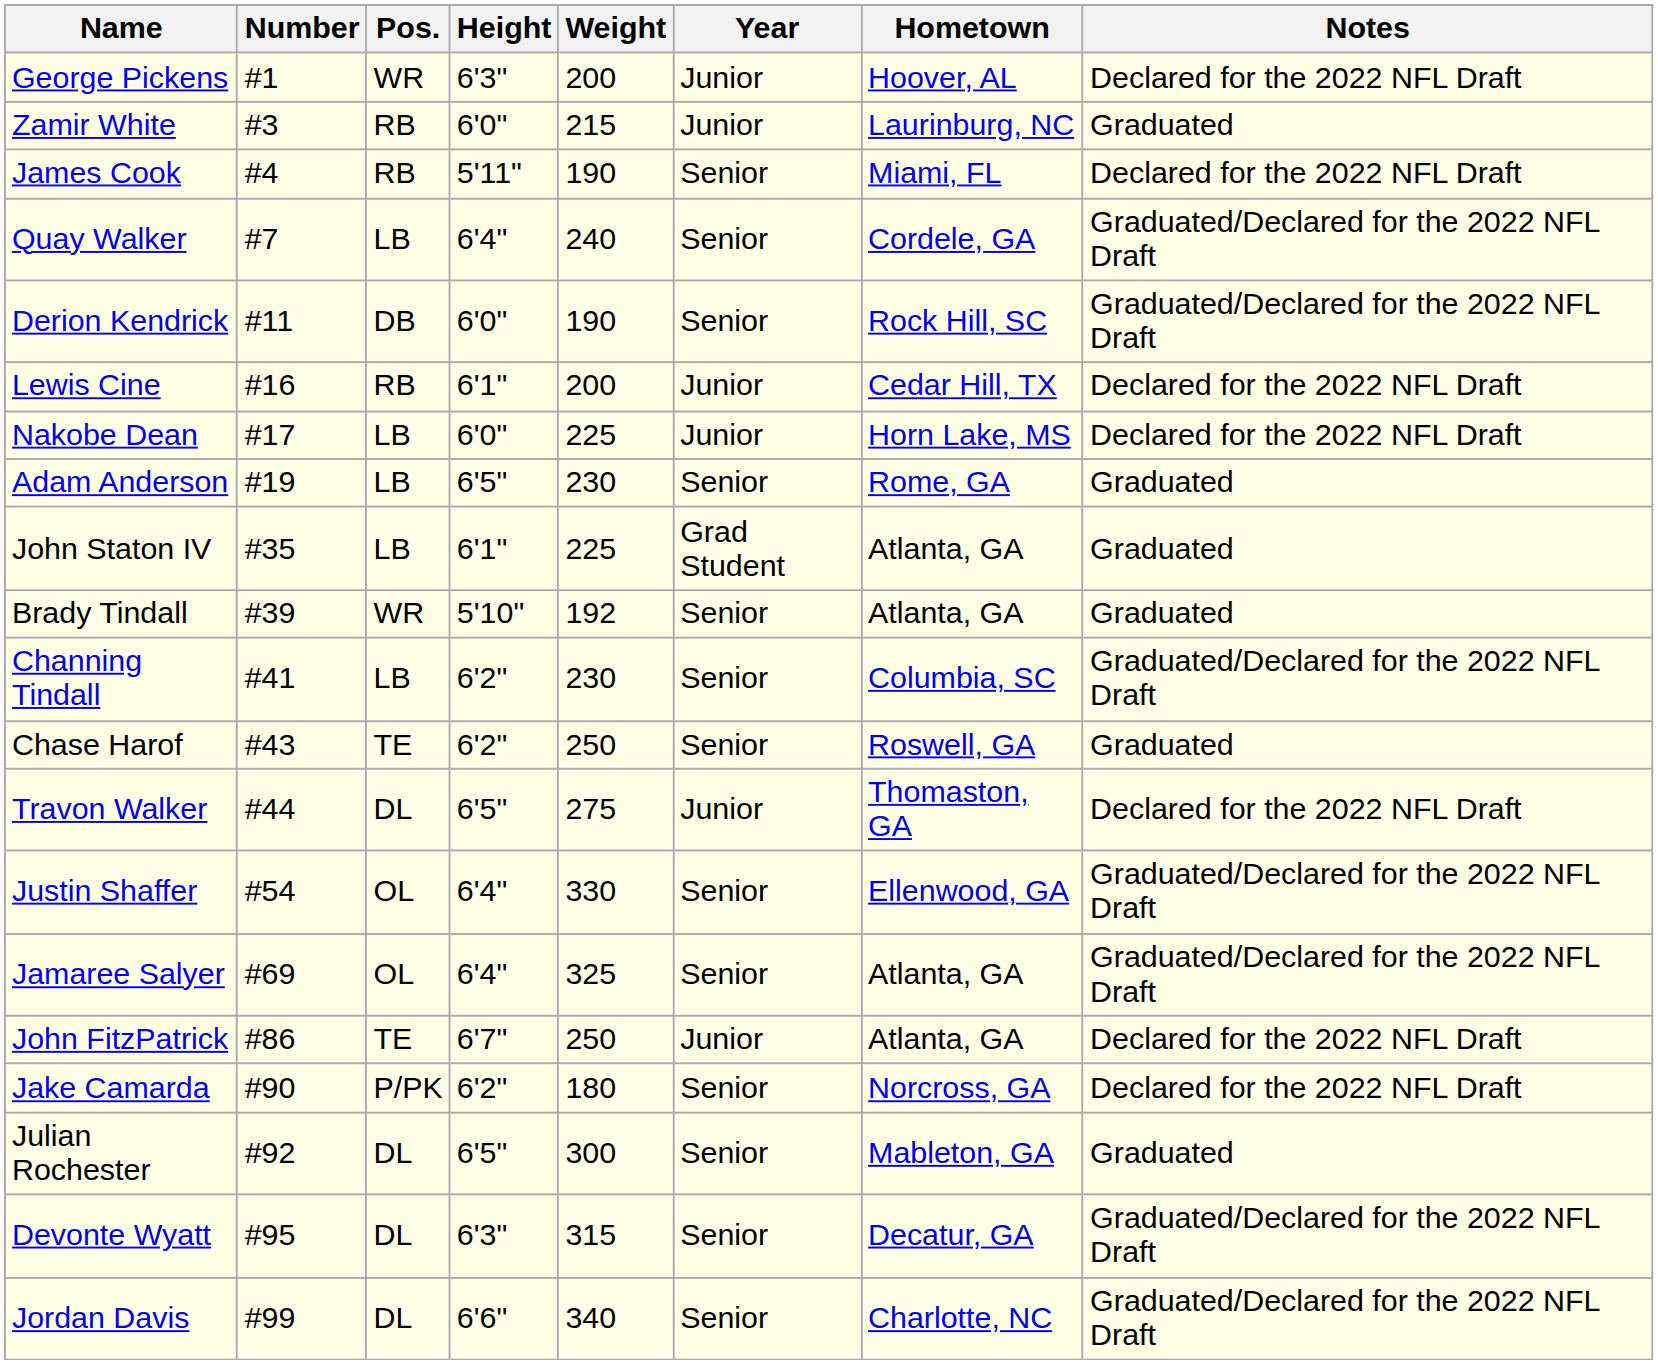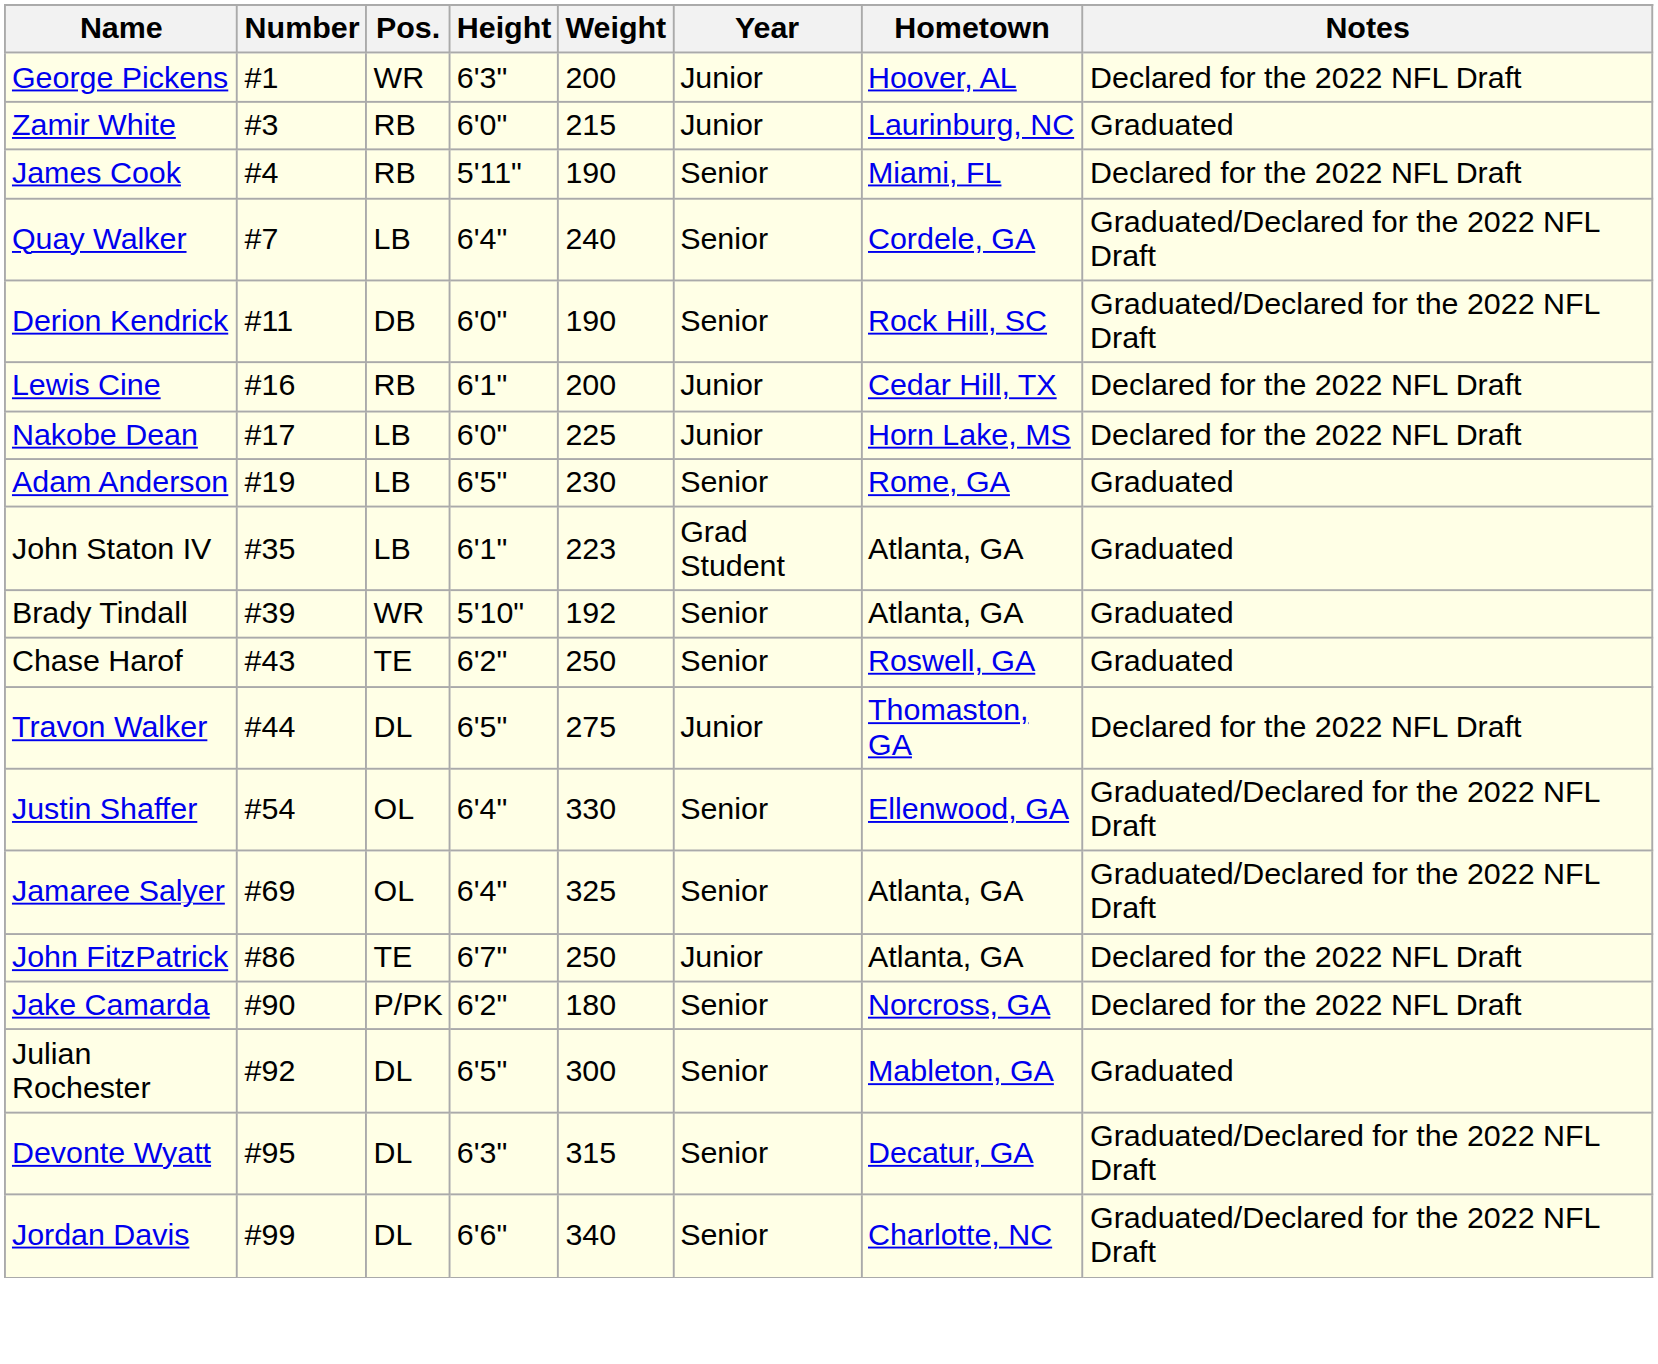 <table class="wikitable sortable collapsible">
 <tr>
 </tr>
 <tr>
 <th>Name</th>
 <th>Number</th>
 <th>Pos.</th>
 <th>Height</th>
 <th>Weight</th>
 <th>Year</th>
 <th>Hometown</th>
 <th class="unsortable">Notes</th>
 </tr>
 <tr style="background:#FFFFE6;">
 <td><a href='#'>George Pickens</a></td>
 <td>#1</td>
 <td>WR</td>
 <td>6'3"</td>
 <td>200</td>
 <td>Junior</td>
 <td><a href='#'>Hoover, AL</a></td>
 <td>Declared for the 2022 NFL Draft</td>
 </tr>
 <tr style="background:#FFFFE6;">
 <td><a href='#'>Zamir White</a></td>
 <td>#3</td>
 <td>RB</td>
 <td>6'0"</td>
 <td>215</td>
 <td>Junior</td>
 <td><a href='#'>Laurinburg, NC</a></td>
 <td>Graduated</td>
 </tr>
 <tr style="background:#FFFFE6;">
 <td><a href='#'>James Cook</a></td>
 <td>#4</td>
 <td>RB</td>
 <td>5'11"</td>
 <td>190</td>
 <td>Senior</td>
 <td><a href='#'>Miami, FL</a></td>
 <td>Declared for the 2022 NFL Draft</td>
 </tr>
 <tr style="background:#FFFFE6;">
 <td><a href='#'>Quay Walker</a></td>
 <td>#7</td>
 <td>LB</td>
 <td>6'4"</td>
 <td>240</td>
 <td>Senior</td>
 <td><a href='#'>Cordele, GA</a></td>
 <td>Graduated/Declared for the 2022 NFL Draft</td>
 </tr>
 <tr style="background:#FFFFE6;">
 <td><a href='#'>Derion Kendrick</a></td>
 <td>#11</td>
 <td>DB</td>
 <td>6'0"</td>
 <td>190</td>
 <td>Senior</td>
 <td><a href='#'>Rock Hill, SC</a></td>
 <td>Graduated/Declared for the 2022 NFL Draft</td>
 </tr>
 <tr style="background:#FFFFE6;">
 <td><a href='#'>Lewis Cine</a></td>
 <td>#16</td>
 <td>RB</td>
 <td>6'1"</td>
 <td>200</td>
 <td>Junior</td>
 <td><a href='#'>Cedar Hill, TX</a></td>
 <td>Declared for the 2022 NFL Draft</td>
 </tr>
 <tr style="background:#FFFFE6;">
 <td><a href='#'>Nakobe Dean</a></td>
 <td>#17</td>
 <td>LB</td>
 <td>6'0"</td>
 <td>225</td>
 <td>Junior</td>
 <td><a href='#'>Horn Lake, MS</a></td>
 <td>Declared for the 2022 NFL Draft</td>
 </tr>
 <tr style="background:#FFFFE6;">
 <td><a href='#'>Adam Anderson</a></td>
 <td>#19</td>
 <td>LB</td>
 <td>6'5"</td>
 <td>230</td>
 <td>Senior</td>
 <td><a href='#'>Rome, GA</a></td>
 <td>Graduated</td>
 </tr>
 <tr style="background:#FFFFE6;">
 <td>John Staton IV</td>
 <td>#35</td>
 <td>LB</td>
 <td>6'1"</td>
-<td>225</td>
+<td>223</td>
 <td>Grad Student</td>
 <td>Atlanta, GA</td>
 <td>Graduated</td>
 </tr>
 <tr style="background:#FFFFE6;">
 <td>Brady Tindall</td>
 <td>#39</td>
 <td>WR</td>
 <td>5'10"</td>
 <td>192</td>
 <td>Senior</td>
 <td>Atlanta, GA</td>
 <td>Graduated</td>
-</tr>
-<tr style="background:#FFFFE6;">
-<td><a href='#'>Channing Tindall</a></td>
-<td>#41</td>
-<td>LB</td>
-<td>6'2"</td>
-<td>230</td>
-<td>Senior</td>
-<td><a href='#'>Columbia, SC</a></td>
-<td>Graduated/Declared for the 2022 NFL Draft</td>
 </tr>
 <tr style="background:#FFFFE6;">
 <td>Chase Harof</td>
 <td>#43</td>
 <td>TE</td>
 <td>6'2"</td>
 <td>250</td>
 <td>Senior</td>
 <td><a href='#'>Roswell, GA</a></td>
 <td>Graduated</td>
 </tr>
 <tr style="background:#FFFFE6;">
 <td><a href='#'>Travon Walker</a></td>
 <td>#44</td>
 <td>DL</td>
 <td>6'5"</td>
 <td>275</td>
 <td>Junior</td>
 <td><a href='#'>Thomaston, GA</a></td>
 <td>Declared for the 2022 NFL Draft</td>
 </tr>
 <tr style="background:#FFFFE6;">
 <td><a href='#'>Justin Shaffer</a></td>
 <td>#54</td>
 <td>OL</td>
 <td>6'4"</td>
 <td>330</td>
 <td>Senior</td>
 <td><a href='#'>Ellenwood, GA</a></td>
 <td>Graduated/Declared for the 2022 NFL Draft</td>
 </tr>
 <tr style="background:#FFFFE6;">
 <td><a href='#'>Jamaree Salyer</a></td>
 <td>#69</td>
 <td>OL</td>
 <td>6'4"</td>
 <td>325</td>
 <td>Senior</td>
 <td>Atlanta, GA</td>
 <td>Graduated/Declared for the 2022 NFL Draft</td>
 </tr>
 <tr style="background:#FFFFE6;">
 <td><a href='#'>John FitzPatrick</a></td>
 <td>#86</td>
 <td>TE</td>
 <td>6'7"</td>
 <td>250</td>
 <td>Junior</td>
 <td>Atlanta, GA</td>
 <td>Declared for the 2022 NFL Draft</td>
 </tr>
 <tr style="background:#FFFFE6;">
 <td><a href='#'>Jake Camarda</a></td>
 <td>#90</td>
 <td>P/PK</td>
 <td>6'2"</td>
 <td>180</td>
 <td>Senior</td>
 <td><a href='#'>Norcross, GA</a></td>
 <td>Declared for the 2022 NFL Draft</td>
 </tr>
 <tr style="background:#FFFFE6;">
 <td>Julian Rochester</td>
 <td>#92</td>
 <td>DL</td>
 <td>6'5"</td>
 <td>300</td>
 <td>Senior</td>
 <td><a href='#'>Mableton, GA</a></td>
 <td>Graduated</td>
 </tr>
 <tr style="background:#FFFFE6;">
 <td><a href='#'>Devonte Wyatt</a></td>
 <td>#95</td>
 <td>DL</td>
 <td>6'3"</td>
 <td>315</td>
 <td>Senior</td>
 <td><a href='#'>Decatur, GA</a></td>
 <td>Graduated/Declared for the 2022 NFL Draft</td>
 </tr>
 <tr style="background:#FFFFE6;">
 <td><a href='#'>Jordan Davis</a></td>
 <td>#99</td>
 <td>DL</td>
 <td>6'6"</td>
 <td>340</td>
 <td>Senior</td>
 <td><a href='#'>Charlotte, NC</a></td>
 <td>Graduated/Declared for the 2022 NFL Draft</td>
 </tr>
 </table>
